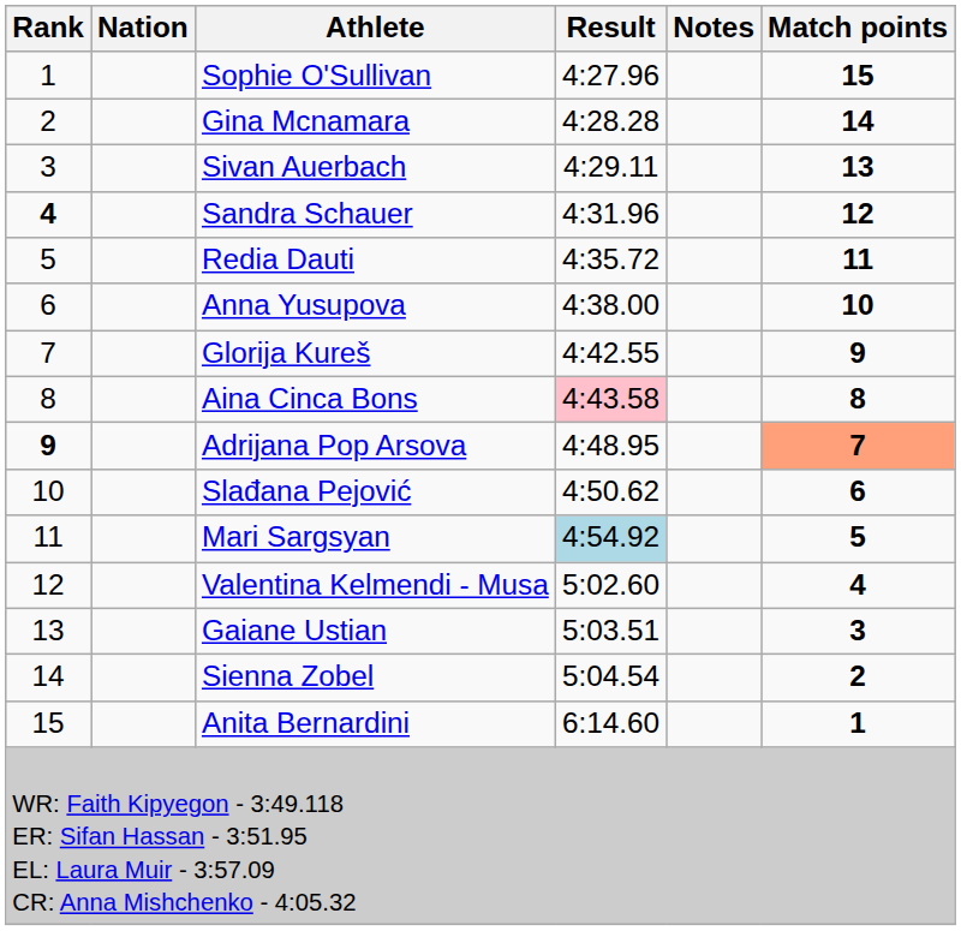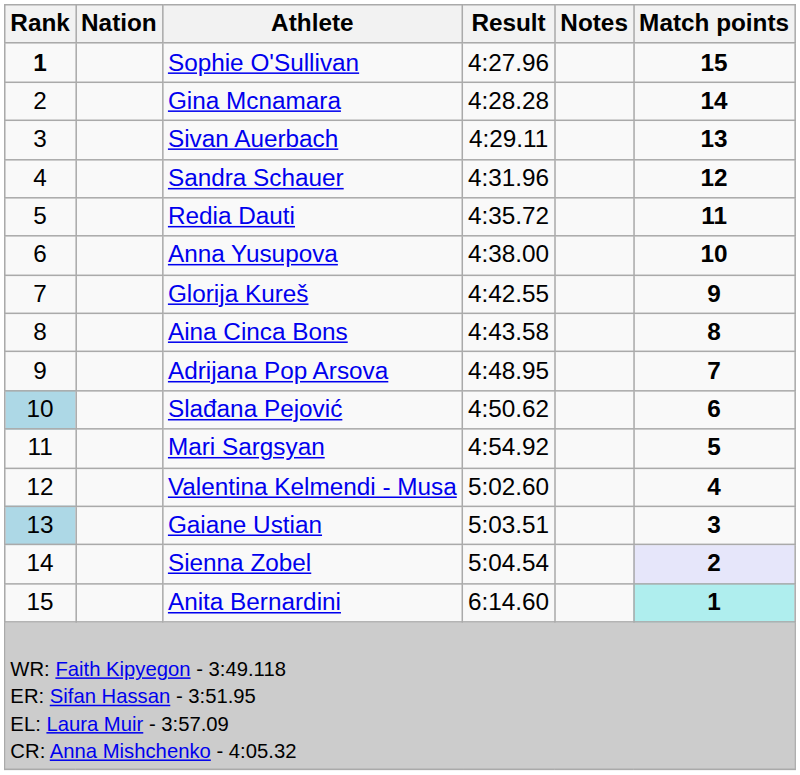 <table class="wikitable sortable" style="text-align:left;">
 <tr>
 <th>Rank</th>
 <th>Nation</th>
 <th>Athlete</th>
 <th>Result</th>
 <th>Notes</th>
 <th>Match points</th>
 </tr>
 <tr>
-<td align=center>1</td>
+<td align=center><strong>1</strong></td>
 <td></td>
 <td><a href='#'>Sophie O'Sullivan</a></td>
 <td align=center>4:27.96</td>
 <td></td>
 <td align=center><strong>15</strong></td>
 </tr>
 <tr>
 <td align=center>2</td>
 <td></td>
 <td><a href='#'>Gina Mcnamara</a></td>
 <td align=center>4:28.28</td>
 <td></td>
 <td align=center><strong>14</strong></td>
 </tr>
 <tr>
 <td align=center>3</td>
 <td></td>
 <td><a href='#'>Sivan Auerbach</a></td>
 <td align=center>4:29.11</td>
 <td></td>
 <td align=center><strong>13</strong></td>
 </tr>
 <tr>
-<td align=center><strong>4</strong></td>
+<td align=center>4</td>
 <td></td>
 <td><a href='#'>Sandra Schauer</a></td>
 <td align=center>4:31.96</td>
 <td></td>
 <td align=center><strong>12</strong></td>
 </tr>
 <tr>
 <td align=center>5</td>
 <td></td>
 <td><a href='#'>Redia Dauti</a></td>
 <td align=center>4:35.72</td>
 <td align=center></td>
 <td align=center><strong>11</strong></td>
 </tr>
 <tr>
 <td align=center>6</td>
 <td></td>
 <td><a href='#'>Anna Yusupova</a></td>
 <td align=center>4:38.00</td>
 <td align=center></td>
 <td align=center><strong>10</strong></td>
 </tr>
 <tr>
 <td align=center>7</td>
 <td></td>
 <td><a href='#'>Glorija Kureš</a></td>
 <td align=center>4:42.55</td>
 <td align=center></td>
 <td align=center><strong>9</strong></td>
 </tr>
 <tr>
 <td align=center>8</td>
 <td></td>
 <td><a href='#'>Aina Cinca Bons</a></td>
-<td align=center style="background: pink;">4:43.58</td>
+<td align=center>4:43.58</td>
 <td align=center></td>
 <td align=center><strong>8</strong></td>
 </tr>
 <tr>
-<td align=center><strong>9</strong></td>
+<td align=center>9</td>
 <td></td>
 <td><a href='#'>Adrijana Pop Arsova</a></td>
 <td align=center>4:48.95</td>
 <td align=center></td>
-<td align=center style="background: lightsalmon;"><strong>7</strong></td>
+<td align=center><strong>7</strong></td>
 </tr>
 <tr>
-<td align=center>10</td>
+<td align=center style="background: lightblue;">10</td>
 <td></td>
 <td><a href='#'>Slađana Pejović</a></td>
 <td align=center>4:50.62</td>
 <td align=center></td>
 <td align=center><strong>6</strong></td>
 </tr>
 <tr>
 <td align=center>11</td>
 <td></td>
 <td><a href='#'>Mari Sargsyan</a></td>
-<td align=center style="background: lightblue;">4:54.92</td>
+<td align=center>4:54.92</td>
 <td align=center></td>
 <td align=center><strong>5</strong></td>
 </tr>
 <tr>
 <td align=center>12</td>
 <td></td>
 <td><a href='#'>Valentina Kelmendi - Musa</a></td>
 <td align=center>5:02.60</td>
 <td align=center></td>
 <td align=center><strong>4</strong></td>
 </tr>
 <tr>
-<td align=center>13</td>
+<td align=center style="background: lightblue;">13</td>
 <td></td>
 <td><a href='#'>Gaiane Ustian</a></td>
 <td align=center>5:03.51</td>
 <td align=center></td>
 <td align=center><strong>3</strong></td>
 </tr>
 <tr>
 <td align=center>14</td>
 <td></td>
 <td><a href='#'>Sienna Zobel</a></td>
 <td align=center>5:04.54</td>
 <td></td>
-<td align=center><strong>2</strong></td>
+<td align=center style="background: lavender;"><strong>2</strong></td>
 </tr>
 <tr>
 <td align=center>15</td>
 <td></td>
 <td><a href='#'>Anita Bernardini</a></td>
 <td align=center>6:14.60</td>
 <td align=center></td>
-<td align=center><strong>1</strong></td>
+<td align=center style="background: paleturquoise;"><strong>1</strong></td>
 </tr>
 <tr>
 <td colspan="6" bgcolor="#cccccc"><br> <small>WR:   <a href='#'>Faith Kipyegon</a> - 3:49.118<br>ER:  <a href='#'>Sifan Hassan</a> - 3:51.95<br></small> <small>EL:   <a href='#'>Laura Muir</a> - 3:57.09<br>CR:  <a href='#'>Anna Mishchenko</a> - 4:05.32</small></td>
 </tr>
 </table>
